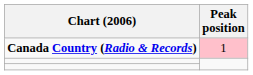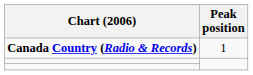 <table class="wikitable sortable">
 <tr>
 <th align="left">Chart (2006)</th>
 <th align="center">Peak<br>position</th>
 </tr>
 <tr>
 <td align="left"><strong>Canada <a href='#'>Country</a> (<em><a href='#'>Radio & Records</a></em>)</strong></td>
-<td align="center" style="background: pink;">1</td>
+<td align="center">1</td>
 </tr>
 <tr>
 <td></td>
 </tr>
 <tr>
 <td></td>
 </tr>
 </table>
